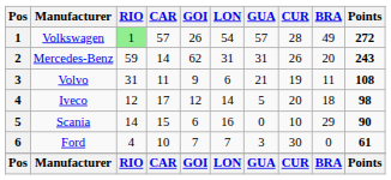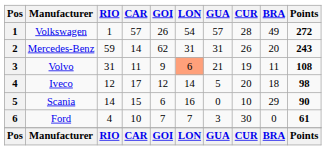 <table align="left"| class="wikitable" style="font-size: 85%; text-align: center">
 <tr valign="top">
 <th valign="middle">Pos</th>
 <th valign="middle">Manufacturer</th>
 <th><a href='#'>RIO</a></th>
 <th><a href='#'>CAR</a></th>
 <th><a href='#'>GOI</a></th>
 <th><a href='#'>LON</a></th>
 <th><a href='#'>GUA</a></th>
 <th><a href='#'>CUR</a></th>
 <th><a href='#'>BRA</a><br></th>
 <th valign="middle">Points</th>
 </tr>
 <tr>
 <th>1</th>
 <td><a href='#'>Volkswagen</a></td>
-<td align="center" style="background: lightgreen;">1</td>
+<td align="center">1</td>
 <td align="center">57</td>
 <td align="center">26</td>
 <td align="center">54</td>
 <td align="center">57</td>
 <td align="center">28</td>
 <td align="center">49</td>
 <td align="center"><strong>272</strong></td>
 </tr>
 <tr>
 <th>2</th>
 <td><a href='#'>Mercedes-Benz</a></td>
 <td align="center">59</td>
 <td align="center">14</td>
 <td align="center">62</td>
 <td align="center">31</td>
 <td align="center">31</td>
 <td align="center">26</td>
 <td align="center">20</td>
 <td align="center"><strong>243</strong></td>
 </tr>
 <tr>
 <th>3</th>
 <td><a href='#'>Volvo</a></td>
 <td align="center">31</td>
 <td align="center">11</td>
 <td align="center">9</td>
-<td align="center">6</td>
+<td align="center" style="background: lightsalmon;">6</td>
 <td align="center">21</td>
 <td align="center">19</td>
 <td align="center">11</td>
 <td align="center"><strong>108</strong></td>
 </tr>
 <tr>
 <th>4</th>
 <td><a href='#'>Iveco</a></td>
 <td align="center">12</td>
 <td align="center">17</td>
 <td align="center">12</td>
 <td align="center">14</td>
 <td align="center">5</td>
 <td align="center">20</td>
 <td align="center">18</td>
 <td align="center"><strong>98</strong></td>
 </tr>
 <tr>
 <th>5</th>
 <td><a href='#'>Scania</a></td>
 <td align="center">14</td>
 <td align="center">15</td>
 <td align="center">6</td>
 <td align="center">16</td>
 <td align="center">0</td>
 <td align="center">10</td>
 <td align="center">29</td>
 <td align="center"><strong>90</strong></td>
 </tr>
 <tr>
 <th>6</th>
 <td><a href='#'>Ford</a></td>
 <td align="center">4</td>
 <td align="center">10</td>
 <td align="center">7</td>
 <td align="center">7</td>
 <td align="center">3</td>
 <td align="center">30</td>
 <td align="center">0</td>
 <td align="center"><strong>61</strong></td>
 </tr>
 <tr>
 </tr>
 <tr valign="top">
 <th valign="middle">Pos</th>
 <th valign="middle">Manufacturer</th>
 <th><a href='#'>RIO</a></th>
 <th><a href='#'>CAR</a></th>
 <th><a href='#'>GOI</a></th>
 <th><a href='#'>LON</a></th>
 <th><a href='#'>GUA</a></th>
 <th><a href='#'>CUR</a></th>
 <th><a href='#'>BRA</a><br></th>
 <th valign="middle">Points</th>
 </tr>
 </table>
